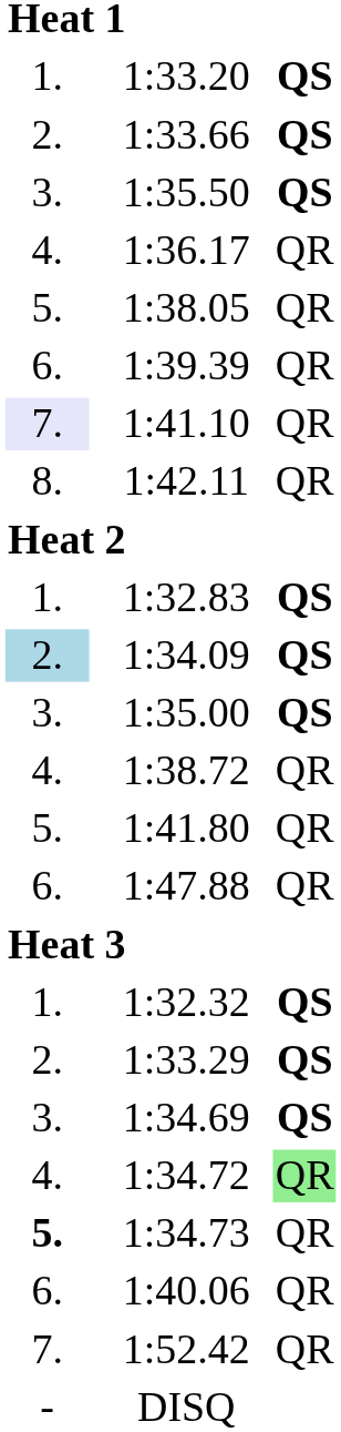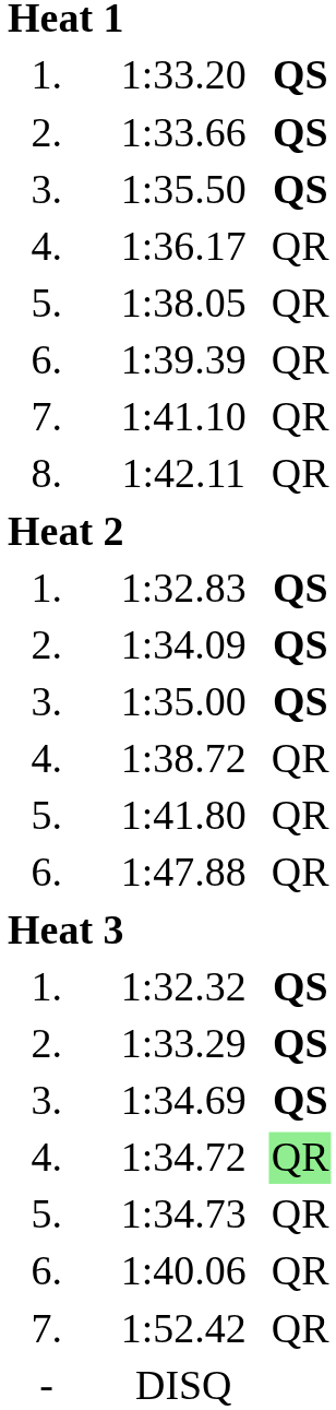 <table style="text-align:center">
 <tr>
 <td colspan=4 align=left><strong>Heat 1</strong></td>
 </tr>
 <tr>
 <td width=30>1.</td>
 <td align=left></td>
 <td width=60>1:33.20</td>
 <td><strong>QS</strong></td>
 </tr>
 <tr>
 <td>2.</td>
 <td align=left></td>
 <td>1:33.66</td>
 <td><strong>QS</strong></td>
 </tr>
 <tr>
 <td>3.</td>
 <td align=left></td>
 <td>1:35.50</td>
 <td><strong>QS</strong></td>
 </tr>
 <tr>
 <td>4.</td>
 <td align=left></td>
 <td>1:36.17</td>
 <td>QR</td>
 </tr>
 <tr>
 <td>5.</td>
 <td align=left></td>
 <td>1:38.05</td>
 <td>QR</td>
 </tr>
 <tr>
 <td>6.</td>
 <td align=left></td>
 <td>1:39.39</td>
 <td>QR</td>
 </tr>
 <tr>
-<td style="background: lavender;">7.</td>
+<td>7.</td>
 <td align=left></td>
 <td>1:41.10</td>
 <td>QR</td>
 </tr>
 <tr>
 <td>8.</td>
 <td align=left></td>
 <td>1:42.11</td>
 <td>QR</td>
 </tr>
 <tr>
 <td colspan=4 align=left><strong>Heat 2</strong></td>
 </tr>
 <tr>
 <td>1.</td>
 <td align=left></td>
 <td>1:32.83</td>
 <td><strong>QS</strong></td>
 </tr>
 <tr>
-<td style="background: lightblue;">2.</td>
+<td>2.</td>
 <td align=left></td>
 <td>1:34.09</td>
 <td><strong>QS</strong></td>
 </tr>
 <tr>
 <td>3.</td>
 <td align=left></td>
 <td>1:35.00</td>
 <td><strong>QS</strong></td>
 </tr>
 <tr>
 <td>4.</td>
 <td align=left></td>
 <td>1:38.72</td>
 <td>QR</td>
 </tr>
 <tr>
 <td>5.</td>
 <td align=left></td>
 <td>1:41.80</td>
 <td>QR</td>
 </tr>
 <tr>
 <td>6.</td>
 <td align=left></td>
 <td>1:47.88</td>
 <td>QR</td>
 </tr>
 <tr>
 <td colspan=4 align=left><strong>Heat 3</strong></td>
 </tr>
 <tr>
 <td>1.</td>
 <td align=left></td>
 <td>1:32.32</td>
 <td><strong>QS</strong></td>
 </tr>
 <tr>
 <td>2.</td>
 <td align=left></td>
 <td>1:33.29</td>
 <td><strong>QS</strong></td>
 </tr>
 <tr>
 <td>3.</td>
 <td align=left></td>
 <td>1:34.69</td>
 <td><strong>QS</strong></td>
 </tr>
 <tr>
 <td>4.</td>
 <td align=left></td>
 <td>1:34.72</td>
 <td style="background: lightgreen;">QR</td>
 </tr>
 <tr>
-<td><strong>5.</strong></td>
+<td>5.</td>
 <td align=left></td>
 <td>1:34.73</td>
 <td>QR</td>
 </tr>
 <tr>
 <td>6.</td>
 <td align=left></td>
 <td>1:40.06</td>
 <td>QR</td>
 </tr>
 <tr>
 <td>7.</td>
 <td align=left></td>
 <td>1:52.42</td>
 <td>QR</td>
 </tr>
 <tr>
 <td>-</td>
 <td align=left></td>
 <td>DISQ</td>
 <td></td>
 </tr>
 </table>
